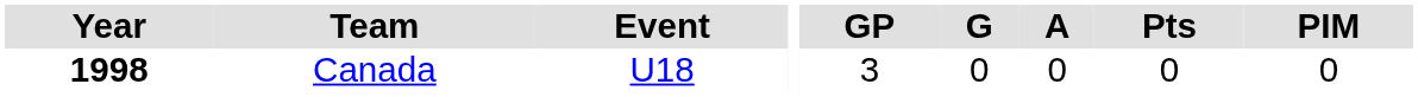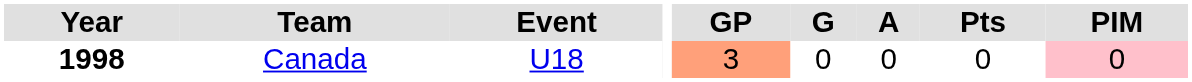 <table border="0" cellpadding="1" cellspacing="0" ID="Table3" style="text-align:center; width:40em">
 <tr ALIGN="center" bgcolor="#e0e0e0">
 <th>Year</th>
 <th>Team</th>
 <th>Event</th>
 <th rowspan="99" bgcolor="#ffffff"></th>
 <th>GP</th>
 <th>G</th>
 <th>A</th>
 <th>Pts</th>
 <th>PIM</th>
 </tr>
 <tr>
 <td><strong>1998</strong></td>
 <td><a href='#'>Canada</a></td>
 <td><a href='#'>U18</a></td>
-<td>3</td>
+<td style="background: lightsalmon;">3</td>
 <td>0</td>
 <td>0</td>
 <td>0</td>
-<td>0</td>
+<td style="background: pink;">0</td>
 </tr>
 </table>
